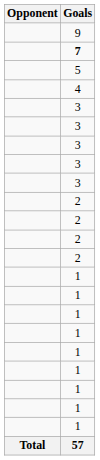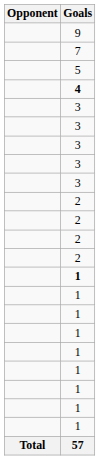 <table class="wikitable sortable">
 <tr>
 <th scope="col">Opponent</th>
 <th scope="col">Goals</th>
 </tr>
 <tr>
 <td></td>
 <td align="center">9</td>
 </tr>
 <tr>
 <td></td>
-<td align="center"><strong>7</strong></td>
+<td align="center">7</td>
 </tr>
 <tr>
 <td></td>
 <td align="center">5</td>
 </tr>
 <tr>
 <td></td>
-<td align="center">4</td>
+<td align="center"><strong>4</strong></td>
 </tr>
 <tr>
 <td></td>
 <td align="center">3</td>
 </tr>
 <tr>
 <td></td>
 <td align="center">3</td>
 </tr>
 <tr>
 <td></td>
 <td align="center">3</td>
 </tr>
 <tr>
 <td></td>
 <td align="center">3</td>
 </tr>
 <tr>
 <td></td>
 <td align="center">3</td>
 </tr>
 <tr>
 <td></td>
 <td align="center">2</td>
 </tr>
 <tr>
 <td></td>
 <td align="center">2</td>
 </tr>
 <tr>
 <td></td>
 <td align="center">2</td>
 </tr>
 <tr>
 <td></td>
 <td align="center">2</td>
 </tr>
 <tr>
 <td></td>
-<td align="center">1</td>
+<td align="center"><strong>1</strong></td>
 </tr>
 <tr>
 <td></td>
 <td align="center">1</td>
 </tr>
 <tr>
 <td></td>
 <td align="center">1</td>
 </tr>
 <tr>
 <td></td>
 <td align="center">1</td>
 </tr>
 <tr>
 <td></td>
 <td align="center">1</td>
 </tr>
 <tr>
 <td></td>
 <td align="center">1</td>
 </tr>
 <tr>
 <td></td>
 <td align="center">1</td>
 </tr>
 <tr>
 <td></td>
 <td align="center">1</td>
 </tr>
 <tr>
 <td></td>
 <td align="center">1</td>
 </tr>
 <tr>
 <th scope="row">Total</th>
 <th scope="row">57</th>
 </tr>
 </table>
